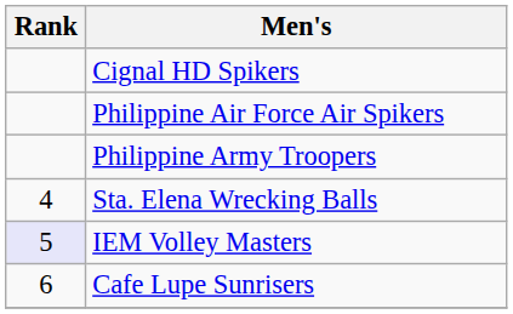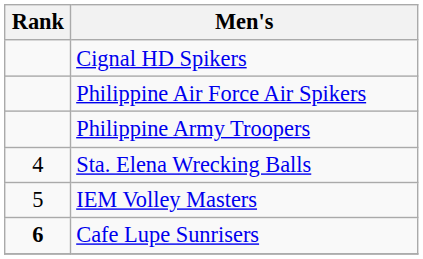 <table class="wikitable" style="text-align: center;">
 <tr>
 <th width=40>Rank</th>
 <th width=240>Men's</th>
 </tr>
 <tr>
 <td></td>
 <td align="left"><a href='#'>Cignal HD Spikers</a></td>
 </tr>
 <tr>
 <td></td>
 <td align="left"><a href='#'>Philippine Air Force Air Spikers</a></td>
 </tr>
 <tr>
 <td></td>
 <td align="left"><a href='#'>Philippine Army Troopers</a></td>
 </tr>
 <tr>
 <td>4</td>
 <td align="left"><a href='#'>Sta. Elena Wrecking Balls</a></td>
 </tr>
 <tr>
-<td style="background: lavender;">5</td>
+<td>5</td>
 <td align="left"><a href='#'>IEM Volley Masters</a></td>
 </tr>
 <tr>
-<td>6</td>
+<td><strong>6</strong></td>
 <td align="left"><a href='#'>Cafe Lupe Sunrisers</a></td>
 </tr>
 <tr>
 </tr>
 </table>
